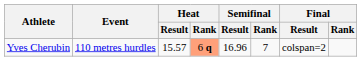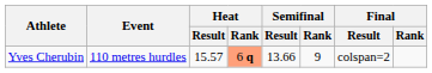 <table class="wikitable" style="font-size:90%">
 <tr>
 <th rowspan="2">Athlete</th>
 <th rowspan="2">Event</th>
 <th colspan="2">Heat</th>
 <th colspan="2">Semifinal</th>
 <th colspan="2">Final</th>
 </tr>
 <tr style="font-size:95%">
 <th>Result</th>
 <th>Rank</th>
 <th>Result</th>
 <th>Rank</th>
 <th>Result</th>
 <th>Rank</th>
 </tr>
 <tr align=center>
 <td align=left><a href='#'>Yves Cherubin</a></td>
 <td align=left><a href='#'>110 metres hurdles</a></td>
 <td>15.57 </td>
 <td style="background: lightsalmon;">6 <strong>q</strong></td>
-<td>16.96</td>
-<td>7</td>
+<td>13.66</td>
+<td>9</td>
 <td>colspan=2 </td>
 </tr>
 </table>
